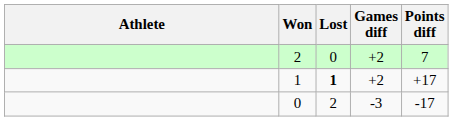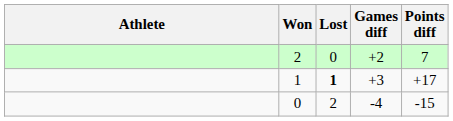 <table class="wikitable">
 <tr>
 <th style="width:18em">Athlete</th>
 <th>Won</th>
 <th>Lost</th>
 <th>Games<br>diff</th>
 <th>Points<br>diff</th>
 </tr>
 <tr bgcolor="#ccffcc">
 <td></td>
 <td align="center">2</td>
 <td align="center">0</td>
 <td align="center">+2</td>
 <td align="center">7</td>
 </tr>
 <tr>
 <td></td>
 <td align="center">1</td>
 <td align="center"><strong>1</strong></td>
-<td align="center">+2</td>
+<td align="center">+3</td>
 <td align="center">+17</td>
 </tr>
 <tr>
 <td></td>
 <td align="center">0</td>
 <td align="center">2</td>
-<td align="center">-3</td>
-<td align="center">-17</td>
+<td align="center">-4</td>
+<td align="center">-15</td>
 </tr>
 </table>
